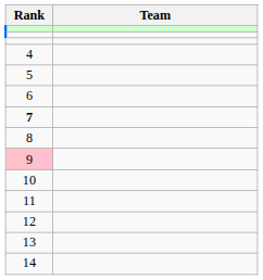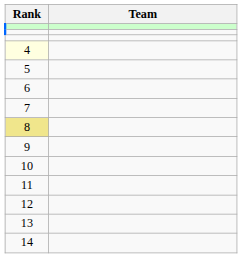 <table class="wikitable" style="text-align: center;">
 <tr>
 <th width=50>Rank</th>
 <th width=240>Team</th>
 </tr>
 <tr bgcolor=#cfc>
 <td style="border-left:3px solid #06f;"></td>
 <td align=left></td>
 </tr>
 <tr>
 <td style="border-left:3px solid #06f;"></td>
 <td align=left></td>
 </tr>
 <tr>
 <td></td>
 <td align=left></td>
 </tr>
 <tr>
-<td>4</td>
+<td style="background: lightyellow;">4</td>
 <td align=left></td>
 </tr>
 <tr>
 <td>5</td>
 <td align=left></td>
 </tr>
 <tr>
 <td>6</td>
 <td align=left></td>
 </tr>
 <tr>
-<td><strong>7</strong></td>
+<td>7</td>
 <td align=left></td>
 </tr>
 <tr>
-<td>8</td>
+<td style="background: khaki;">8</td>
 <td align=left></td>
 </tr>
 <tr>
-<td style="background: pink;">9</td>
+<td>9</td>
 <td align=left></td>
 </tr>
 <tr>
 <td>10</td>
 <td align=left></td>
 </tr>
 <tr>
 <td>11</td>
 <td align=left></td>
 </tr>
 <tr>
 <td>12</td>
 <td align=left></td>
 </tr>
 <tr>
 <td>13</td>
 <td align=left></td>
 </tr>
 <tr>
 <td>14</td>
 <td align=left></td>
 </tr>
 </table>
